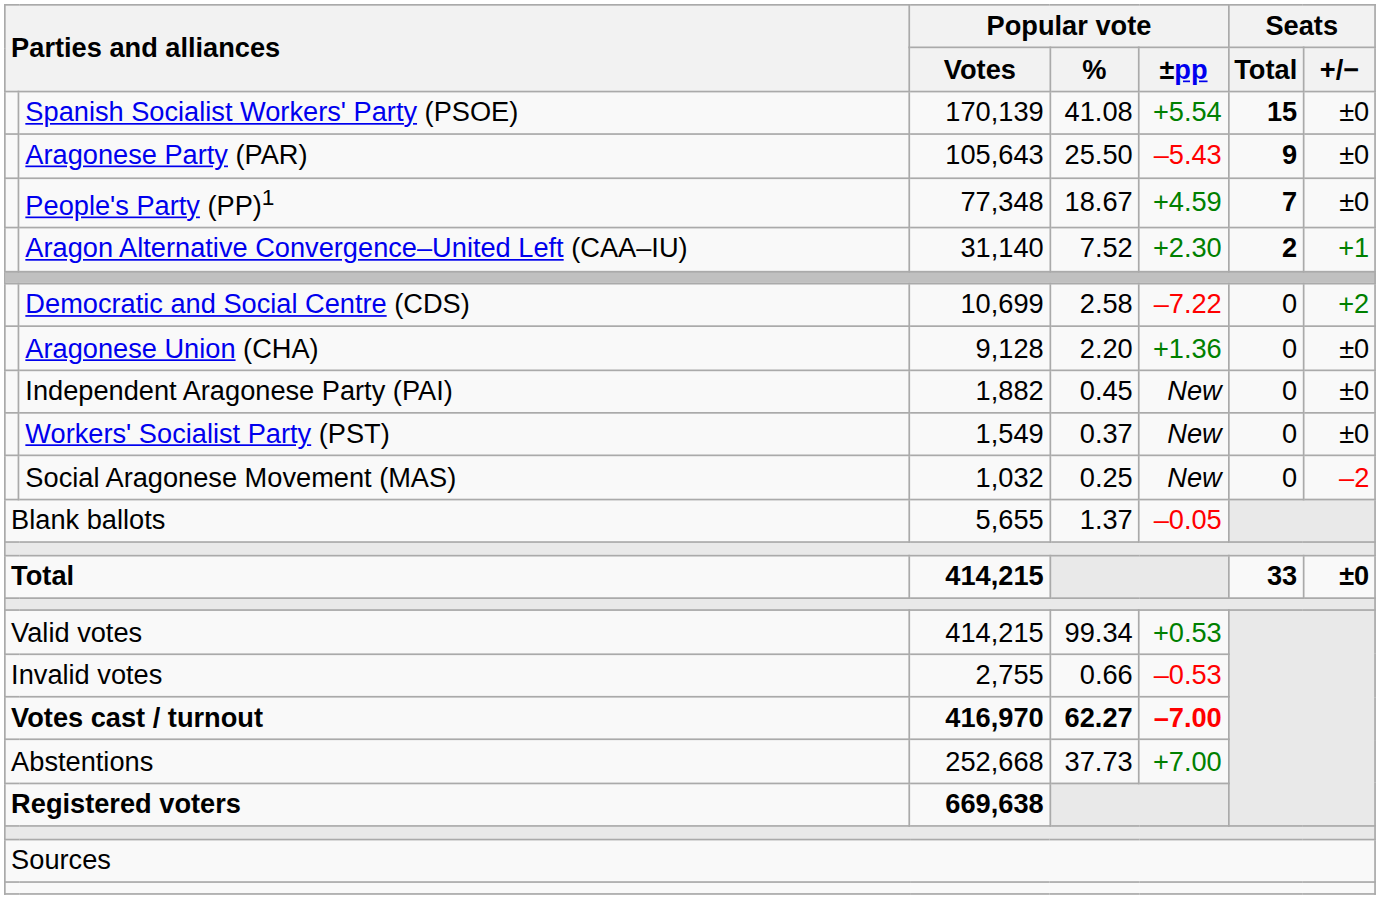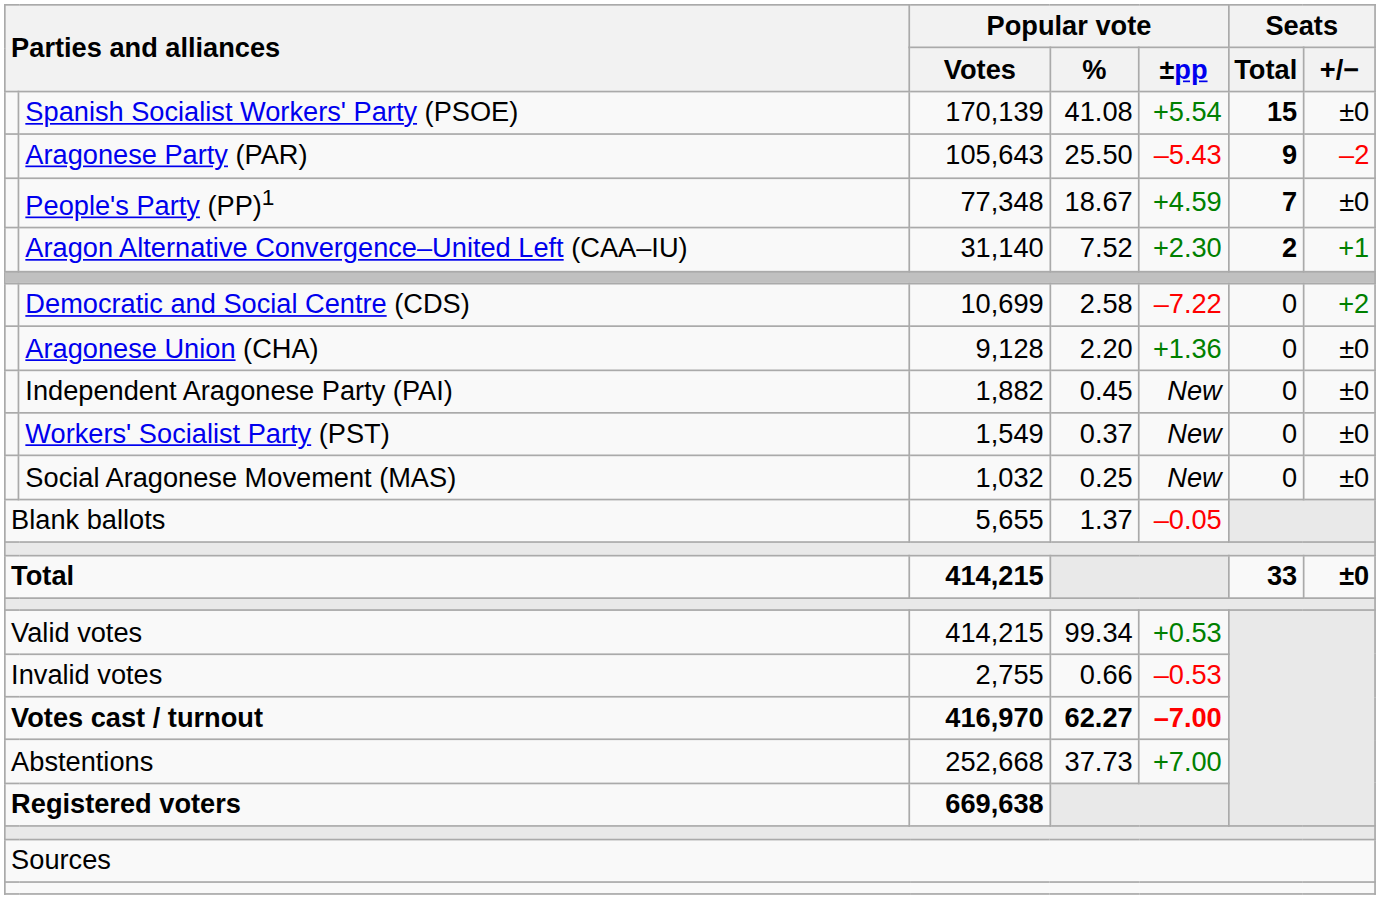 <table class="wikitable" style="text-align:right;">
 <tr>
 <th style="text-align:left;" rowspan="2" colspan="2" width="525">Parties and alliances</th>
 <th colspan="3">Popular vote</th>
 <th colspan="2">Seats</th>
 </tr>
 <tr>
 <th width="75">Votes</th>
 <th width="45">%</th>
 <th width="45">±<a href='#'>pp</a></th>
 <th width="35">Total</th>
 <th width="35">+/−</th>
 </tr>
 <tr>
 <td width="1" style="color:inherit;background:"></td>
 <td align="left"><a href='#'>Spanish Socialist Workers' Party</a> (PSOE)</td>
 <td>170,139</td>
 <td>41.08</td>
 <td style="color:green;">+5.54</td>
 <td><strong>15</strong></td>
 <td>±0</td>
 </tr>
 <tr>
 <td style="color:inherit;background:"></td>
 <td align="left"><a href='#'>Aragonese Party</a> (PAR)</td>
 <td>105,643</td>
 <td>25.50</td>
 <td style="color:red;">–5.43</td>
 <td><strong>9</strong></td>
-<td>±0</td>
+<td style="color:red;">–2</td>
 </tr>
 <tr>
 <td style="color:inherit;background:"></td>
 <td align="left"><a href='#'>People's Party</a> (PP)<sup>1</sup></td>
 <td>77,348</td>
 <td>18.67</td>
 <td style="color:green;">+4.59</td>
 <td><strong>7</strong></td>
 <td>±0</td>
 </tr>
 <tr>
 <td style="color:inherit;background:"></td>
 <td align="left"><a href='#'>Aragon Alternative Convergence–United Left</a> (CAA–IU)</td>
 <td>31,140</td>
 <td>7.52</td>
 <td style="color:green;">+2.30</td>
 <td><strong>2</strong></td>
 <td style="color:green;">+1</td>
 </tr>
 <tr>
 <td colspan="7" bgcolor="#C0C0C0"></td>
 </tr>
 <tr>
 <td style="color:inherit;background:"></td>
 <td align="left"><a href='#'>Democratic and Social Centre</a> (CDS)</td>
 <td>10,699</td>
 <td>2.58</td>
 <td style="color:red;">–7.22</td>
 <td>0</td>
 <td style="color:green;">+2</td>
 </tr>
 <tr>
 <td style="color:inherit;background:"></td>
 <td align="left"><a href='#'>Aragonese Union</a> (CHA)</td>
 <td>9,128</td>
 <td>2.20</td>
 <td style="color:green;">+1.36</td>
 <td>0</td>
 <td>±0</td>
 </tr>
 <tr>
 <td style="color:inherit;background:"></td>
 <td align="left">Independent Aragonese Party (PAI)</td>
 <td>1,882</td>
 <td>0.45</td>
 <td><em>New</em></td>
 <td>0</td>
 <td>±0</td>
 </tr>
 <tr>
 <td style="color:inherit;background:"></td>
 <td align="left"><a href='#'>Workers' Socialist Party</a> (PST)</td>
 <td>1,549</td>
 <td>0.37</td>
 <td><em>New</em></td>
 <td>0</td>
 <td>±0</td>
 </tr>
 <tr>
 <td style="color:inherit;background:"></td>
 <td align="left">Social Aragonese Movement (MAS)</td>
 <td>1,032</td>
 <td>0.25</td>
 <td><em>New</em></td>
 <td>0</td>
-<td style="color:red;">–2</td>
+<td>±0</td>
 </tr>
 <tr>
 <td align="left" colspan="2">Blank ballots</td>
 <td>5,655</td>
 <td>1.37</td>
 <td style="color:red;">–0.05</td>
 <td bgcolor="#E9E9E9" colspan="2"></td>
 </tr>
 <tr>
 <td colspan="7" bgcolor="#E9E9E9"></td>
 </tr>
 <tr style="font-weight:bold;">
 <td align="left" colspan="2">Total</td>
 <td>414,215</td>
 <td bgcolor="#E9E9E9" colspan="2"></td>
 <td>33</td>
 <td>±0</td>
 </tr>
 <tr>
 <td colspan="7" bgcolor="#E9E9E9"></td>
 </tr>
 <tr>
 <td align="left" colspan="2">Valid votes</td>
 <td>414,215</td>
 <td>99.34</td>
 <td style="color:green;">+0.53</td>
 <td bgcolor="#E9E9E9" colspan="2" rowspan="5"></td>
 </tr>
 <tr>
 <td align="left" colspan="2">Invalid votes</td>
 <td>2,755</td>
 <td>0.66</td>
 <td style="color:red;">–0.53</td>
 </tr>
 <tr style="font-weight:bold;">
 <td align="left" colspan="2">Votes cast / turnout</td>
 <td>416,970</td>
 <td>62.27</td>
 <td style="color:red;">–7.00</td>
 </tr>
 <tr>
 <td align="left" colspan="2">Abstentions</td>
 <td>252,668</td>
 <td>37.73</td>
 <td style="color:green;">+7.00</td>
 </tr>
 <tr style="font-weight:bold;">
 <td align="left" colspan="2">Registered voters</td>
 <td>669,638</td>
 <td bgcolor="#E9E9E9" colspan="2"></td>
 </tr>
 <tr>
 <td colspan="7" bgcolor="#E9E9E9"></td>
 </tr>
 <tr>
 <td align="left" colspan="7">Sources</td>
 </tr>
 <tr>
 <td colspan="7" style="text-align:left; max-width:790px;"></td>
 </tr>
 </table>
